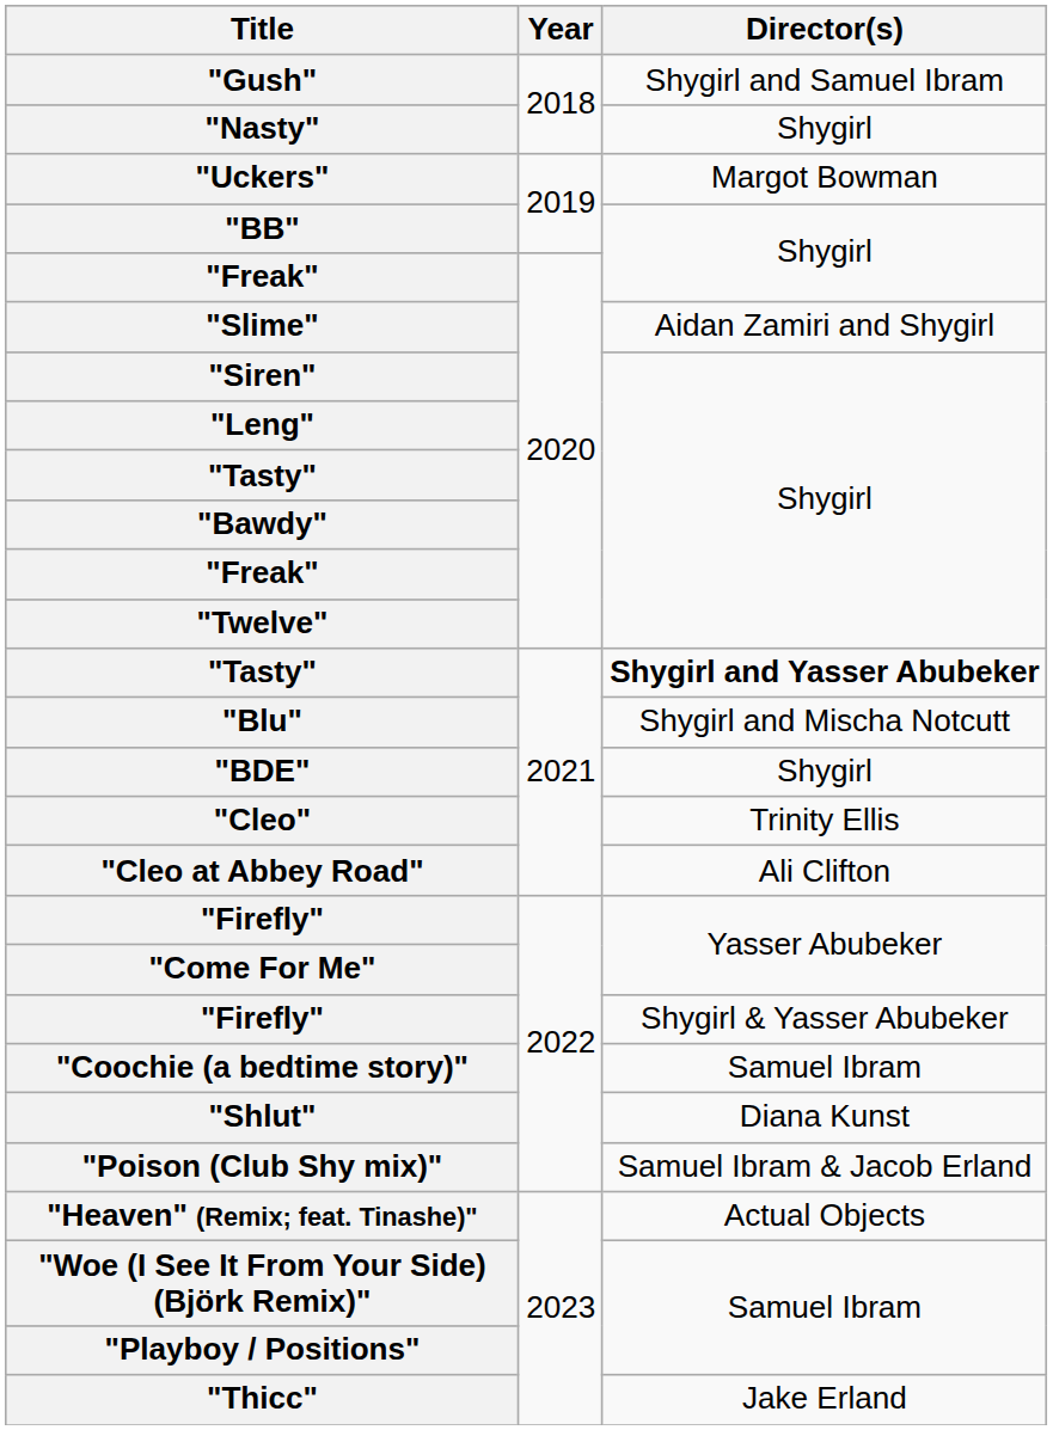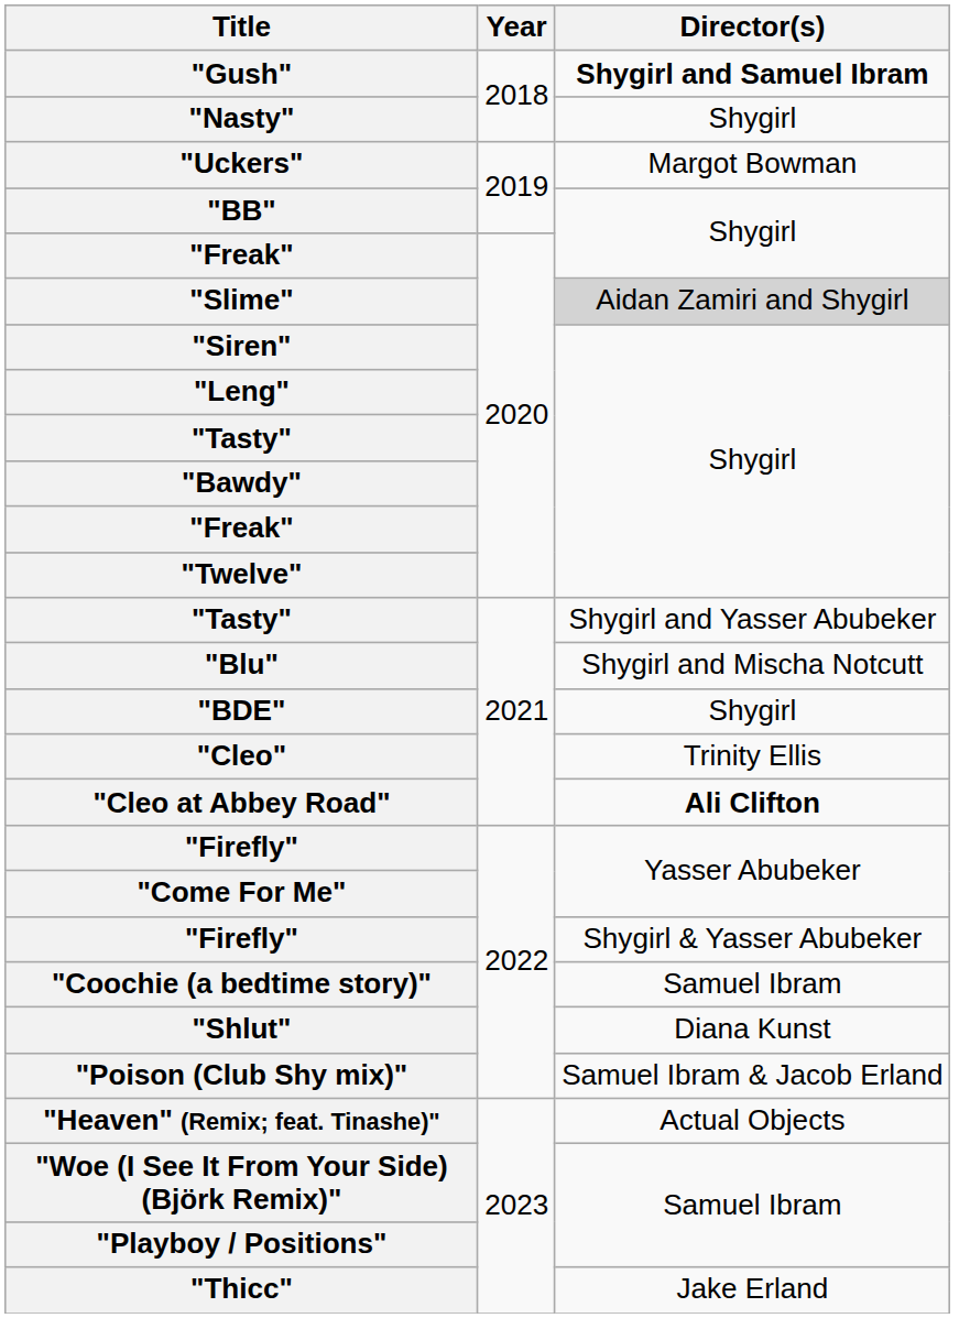 <table class="wikitable plainrowheaders" style="text-align:center;">
 <tr>
 <th scope="col" style="width:16em;">Title</th>
 <th scope="col">Year</th>
 <th scope="col">Director(s)</th>
 </tr>
 <tr>
 <th scope="row">"Gush"</th>
 <td rowspan="2">2018</td>
-<td>Shygirl and Samuel Ibram</td>
+<td><strong>Shygirl and Samuel Ibram</strong></td>
 </tr>
 <tr>
 <th scope="row">"Nasty"</th>
 <td>Shygirl</td>
 </tr>
 <tr>
 <th scope="row">"Uckers"</th>
 <td rowspan="2">2019</td>
 <td>Margot Bowman</td>
 </tr>
 <tr>
 <th scope="row">"BB"</th>
 <td rowspan="2">Shygirl</td>
 </tr>
 <tr>
 <th scope="row">"Freak"</th>
 <td rowspan="8">2020</td>
 </tr>
 <tr>
 <th scope="row">"Slime"</th>
-<td>Aidan Zamiri and Shygirl</td>
+<td style="background: lightgrey;">Aidan Zamiri and Shygirl</td>
 </tr>
 <tr>
 <th scope="row">"Siren" </th>
 <td rowspan="6">Shygirl</td>
 </tr>
 <tr>
 <th scope="row">"Leng" </th>
 </tr>
 <tr>
 <th scope="row">"Tasty" </th>
 </tr>
 <tr>
 <th scope="row">"Bawdy" </th>
 </tr>
 <tr>
 <th scope="row">"Freak" </th>
 </tr>
 <tr>
 <th scope="row">"Twelve" </th>
 </tr>
 <tr>
 <th scope="row">"Tasty"</th>
 <td rowspan="5">2021</td>
-<td><strong>Shygirl and Yasser Abubeker</strong></td>
+<td>Shygirl and Yasser Abubeker</td>
 </tr>
 <tr>
 <th scope="row">"Blu"<br></th>
 <td>Shygirl and Mischa Notcutt</td>
 </tr>
 <tr>
 <th scope="row">"BDE"</th>
 <td>Shygirl</td>
 </tr>
 <tr>
 <th scope="row">"Cleo"</th>
 <td>Trinity Ellis</td>
 </tr>
 <tr>
 <th scope="row">"Cleo at Abbey Road"</th>
-<td>Ali Clifton</td>
+<td><strong>Ali Clifton</strong></td>
 </tr>
 <tr>
 <th scope="row">"Firefly" </th>
 <td rowspan="6">2022</td>
 <td rowspan="2">Yasser Abubeker</td>
 </tr>
 <tr>
 <th scope="row">"Come For Me" </th>
 </tr>
 <tr>
 <th scope="row">"Firefly" </th>
 <td>Shygirl & Yasser Abubeker</td>
 </tr>
 <tr>
 <th scope="row">"Coochie (a bedtime story)"</th>
 <td>Samuel Ibram</td>
 </tr>
 <tr>
 <th scope="row">"Shlut"</th>
 <td>Diana Kunst</td>
 </tr>
 <tr>
 <th scope="row">"Poison (Club Shy mix)"</th>
 <td>Samuel Ibram & Jacob Erland</td>
 </tr>
 <tr>
 <th scope="row">"Heaven" <small>(Remix; feat. Tinashe)"</small></th>
 <td rowspan="4">2023</td>
 <td>Actual Objects</td>
 </tr>
 <tr>
 <th scope="row">"Woe (I See It From Your Side) (Björk Remix)"</th>
 <td rowspan="2">Samuel Ibram</td>
 </tr>
 <tr>
 <th scope="row">"Playboy / Positions"</th>
 </tr>
 <tr>
 <th scope="row">"Thicc"<br></th>
 <td>Jake Erland</td>
 </tr>
 </table>
